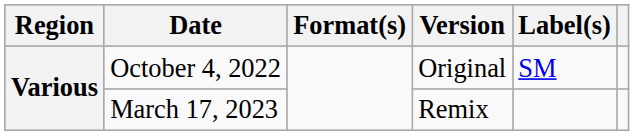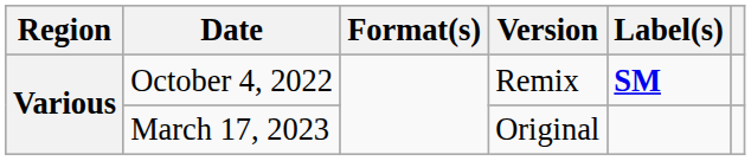 <table class="wikitable plainrowheaders">
 <tr>
 <th>Region</th>
 <th>Date</th>
 <th>Format(s)</th>
 <th>Version</th>
 <th>Label(s)</th>
 <th></th>
 </tr>
 <tr>
 <th scope="row" rowspan="2">Various</th>
 <td>October 4, 2022</td>
 <td rowspan="2"></td>
-<td>Original</td>
-<td><a href='#'>SM</a></td>
+<td>Remix</td>
+<td><strong><a href='#'>SM</a></strong></td>
 <td style="text-align: center;"></td>
 </tr>
 <tr>
 <td>March 17, 2023</td>
-<td>Remix</td>
+<td>Original</td>
 <td></td>
 <td style="text-align: center;"></td>
 </tr>
 </table>
